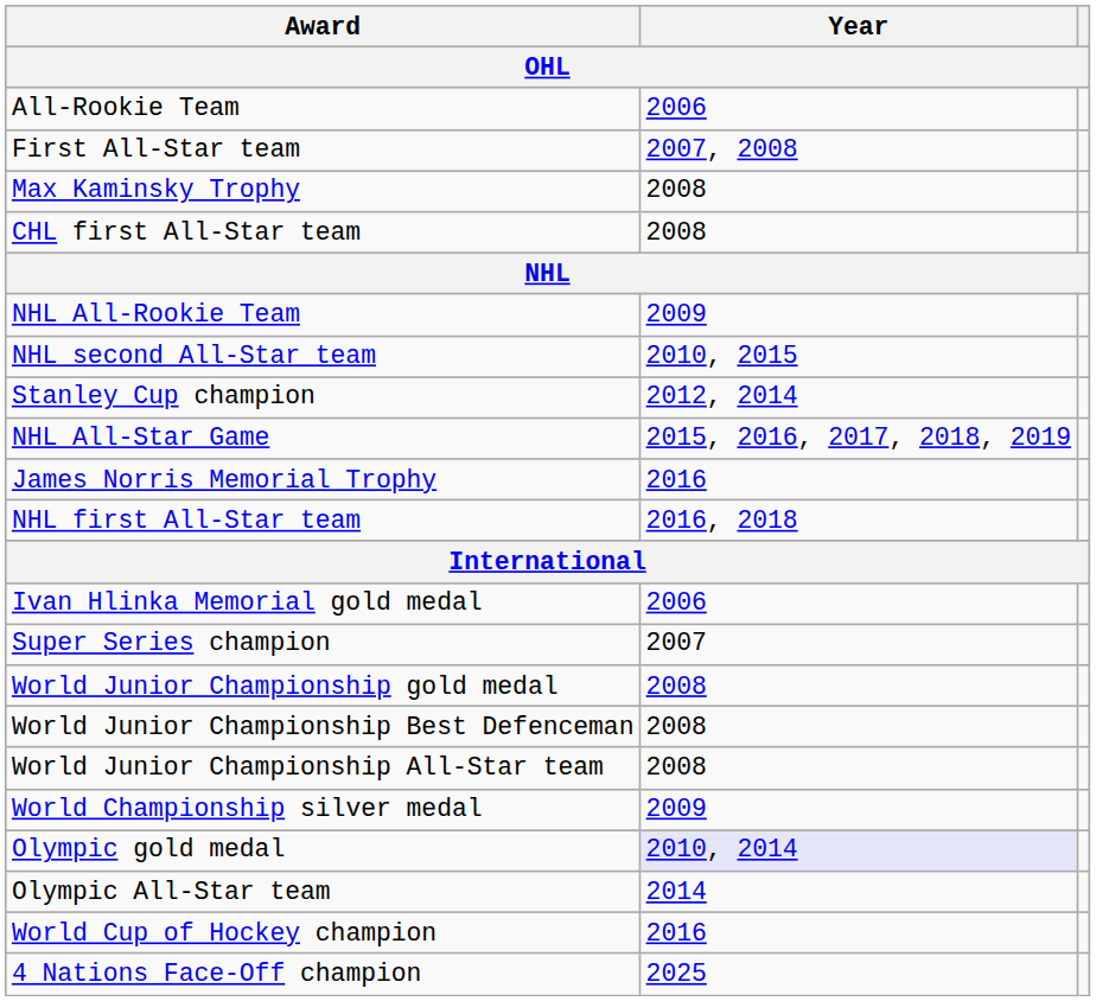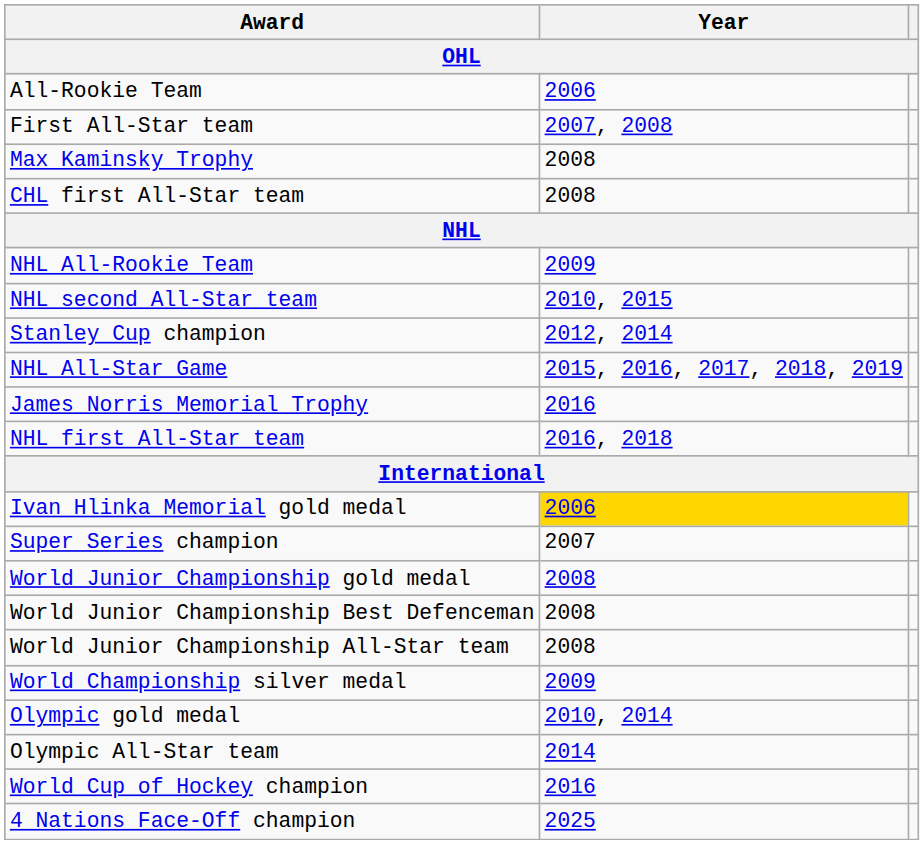 <table class="wikitable">
 <tr>
 <th>Award</th>
 <th>Year</th>
 <th></th>
 </tr>
 <tr ALIGN="center" bgcolor="#e0e0e0">
 <th colspan="3"><a href='#'>OHL</a></th>
 </tr>
 <tr>
 <td>All-Rookie Team</td>
 <td><a href='#'>2006</a></td>
 <td></td>
 </tr>
 <tr>
 <td>First All-Star team</td>
 <td><a href='#'>2007</a>, <a href='#'>2008</a></td>
 <td></td>
 </tr>
 <tr>
 <td><a href='#'>Max Kaminsky Trophy</a></td>
 <td>2008</td>
 <td></td>
 </tr>
 <tr>
 <td><a href='#'>CHL</a> first All-Star team</td>
 <td>2008</td>
 <td></td>
 </tr>
 <tr ALIGN="center" bgcolor="#e0e0e0">
 <th colspan="3"><a href='#'>NHL</a></th>
 </tr>
 <tr>
 <td><a href='#'>NHL All-Rookie Team</a></td>
 <td><a href='#'>2009</a></td>
 <td></td>
 </tr>
 <tr>
 <td><a href='#'>NHL second All-Star team</a></td>
 <td><a href='#'>2010</a>, <a href='#'>2015</a></td>
 <td></td>
 </tr>
 <tr>
 <td><a href='#'>Stanley Cup</a> champion</td>
 <td><a href='#'>2012</a>, <a href='#'>2014</a></td>
 <td></td>
 </tr>
 <tr>
 <td><a href='#'>NHL All-Star Game</a></td>
 <td><a href='#'>2015</a>, <a href='#'>2016</a>, <a href='#'>2017</a>, <a href='#'>2018</a>, <a href='#'>2019</a></td>
 <td></td>
 </tr>
 <tr>
 <td><a href='#'>James Norris Memorial Trophy</a></td>
 <td><a href='#'>2016</a></td>
 <td></td>
 </tr>
 <tr>
 <td><a href='#'>NHL first All-Star team</a></td>
 <td><a href='#'>2016</a>, <a href='#'>2018</a></td>
 <td></td>
 </tr>
 <tr ALIGN="center" bgcolor="#e0e0e0">
 <th colspan="3"><a href='#'>International</a></th>
 </tr>
 <tr>
 <td><a href='#'>Ivan Hlinka Memorial</a> gold medal</td>
-<td><a href='#'>2006</a></td>
+<td style="background: gold;"><a href='#'>2006</a></td>
 <td></td>
 </tr>
 <tr>
 <td><a href='#'>Super Series</a> champion</td>
 <td>2007</td>
 <td></td>
 </tr>
 <tr>
 <td><a href='#'>World Junior Championship</a> gold medal</td>
 <td><a href='#'>2008</a></td>
 <td></td>
 </tr>
 <tr>
 <td>World Junior Championship Best Defenceman</td>
 <td>2008</td>
 <td></td>
 </tr>
 <tr>
 <td>World Junior Championship All-Star team</td>
 <td>2008</td>
 <td></td>
 </tr>
 <tr>
 <td><a href='#'>World Championship</a> silver medal</td>
 <td><a href='#'>2009</a></td>
 <td></td>
 </tr>
 <tr>
 <td><a href='#'>Olympic</a> gold medal</td>
-<td style="background: lavender;"><a href='#'>2010</a>, <a href='#'>2014</a></td>
+<td><a href='#'>2010</a>, <a href='#'>2014</a></td>
 <td></td>
 </tr>
 <tr>
 <td>Olympic All-Star team</td>
 <td><a href='#'>2014</a></td>
 <td></td>
 </tr>
 <tr>
 <td><a href='#'>World Cup of Hockey</a> champion</td>
 <td><a href='#'>2016</a></td>
 <td></td>
 </tr>
 <tr>
 <td><a href='#'>4 Nations Face-Off</a> champion</td>
 <td><a href='#'>2025</a></td>
 <td></td>
 </tr>
 </table>
